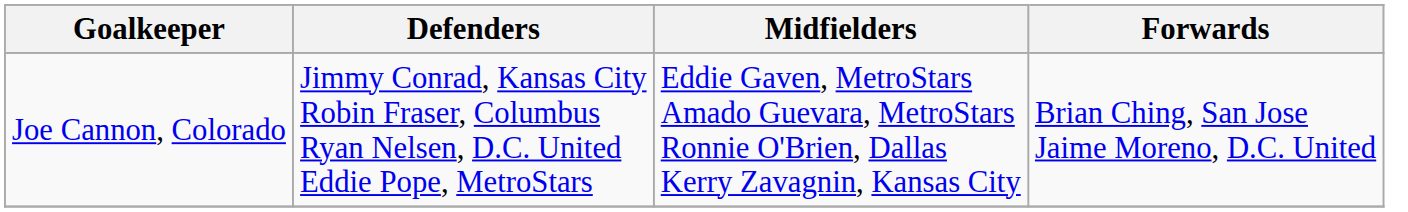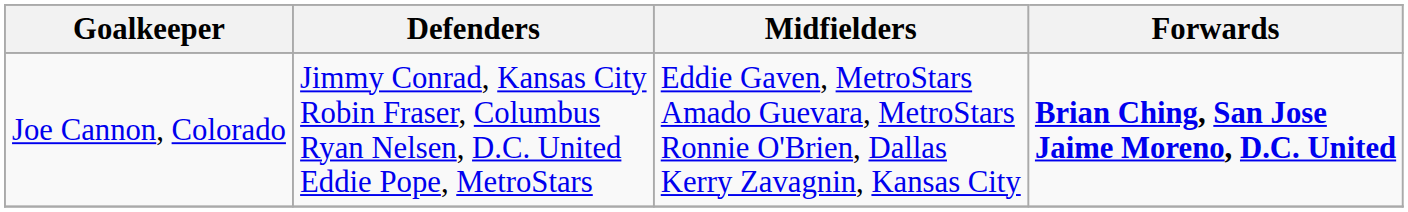 <table class="wikitable">
 <tr style="background:#cccccc;">
 <th>Goalkeeper</th>
 <th>Defenders</th>
 <th>Midfielders</th>
 <th>Forwards</th>
 </tr>
 <tr>
 <td> <a href='#'>Joe Cannon</a>, <a href='#'>Colorado</a></td>
 <td> <a href='#'>Jimmy Conrad</a>, <a href='#'>Kansas City</a><br> <a href='#'>Robin Fraser</a>, <a href='#'>Columbus</a><br> <a href='#'>Ryan Nelsen</a>, <a href='#'>D.C. United</a> <br> <a href='#'>Eddie Pope</a>, <a href='#'>MetroStars</a></td>
 <td> <a href='#'>Eddie Gaven</a>, <a href='#'>MetroStars</a><br> <a href='#'>Amado Guevara</a>, <a href='#'>MetroStars</a><br> <a href='#'>Ronnie O'Brien</a>, <a href='#'>Dallas</a><br> <a href='#'>Kerry Zavagnin</a>, <a href='#'>Kansas City</a></td>
-<td> <a href='#'>Brian Ching</a>, <a href='#'>San Jose</a><br> <a href='#'>Jaime Moreno</a>, <a href='#'>D.C. United</a></td>
+<td><strong> <a href='#'>Brian Ching</a>, <a href='#'>San Jose</a><br> <a href='#'>Jaime Moreno</a>, <a href='#'>D.C. United</a></strong></td>
 </tr>
 <tr>
 </tr>
 </table>
